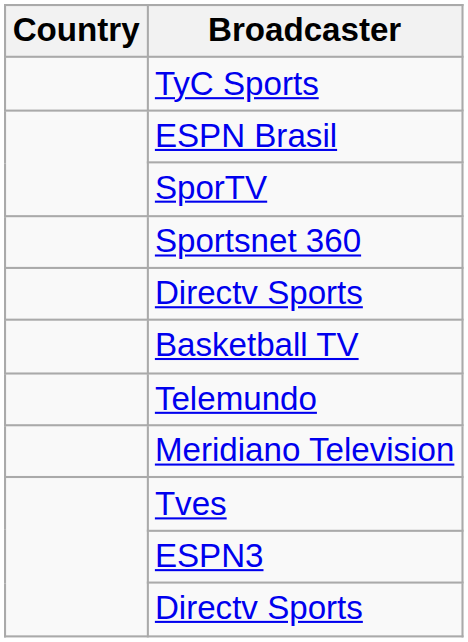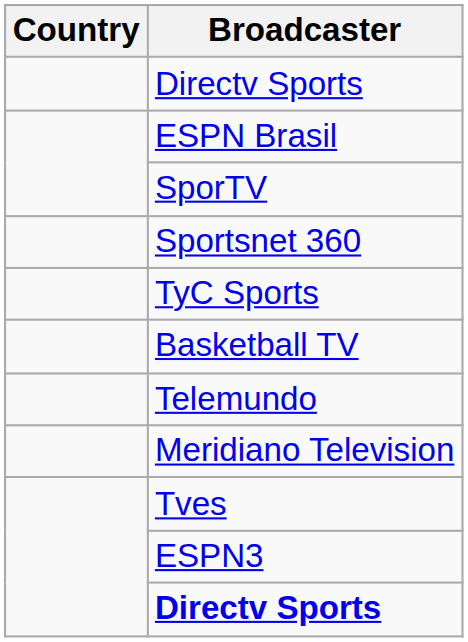 <table class="wikitable">
 <tr>
 <th align=center>Country</th>
 <th align=center>Broadcaster</th>
 </tr>
 <tr>
 <td style="text-align:left;"></td>
-<td><a href='#'>TyC Sports</a></td>
+<td><a href='#'>Directv Sports</a></td>
 </tr>
 <tr>
 <td style="text-align:left;" rowspan="2"></td>
 <td><a href='#'>ESPN Brasil</a></td>
 </tr>
 <tr>
 <td><a href='#'>SporTV</a></td>
 </tr>
 <tr>
 <td style="text-align:left;"></td>
 <td><a href='#'>Sportsnet 360</a></td>
 </tr>
 <tr>
 <td style="text=align:left;"></td>
-<td><a href='#'>Directv Sports</a></td>
+<td><a href='#'>TyC Sports</a></td>
 </tr>
 <tr>
 <td style="text-align:left;"></td>
 <td><a href='#'>Basketball TV</a></td>
 </tr>
 <tr>
 <td style="text-align:left;"></td>
 <td><a href='#'>Telemundo</a></td>
 </tr>
 <tr>
 <td style="text-align:left;"></td>
 <td><a href='#'>Meridiano Television</a></td>
 </tr>
 <tr>
 <td style="text-align:left;" rowspan="3"></td>
 <td><a href='#'>Tves</a></td>
 </tr>
 <tr>
 <td><a href='#'>ESPN3</a></td>
 </tr>
 <tr>
-<td><a href='#'>Directv Sports</a></td>
+<td><strong><a href='#'>Directv Sports</a></strong></td>
 </tr>
 </table>
